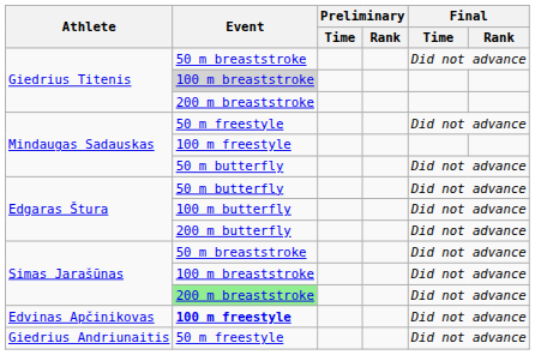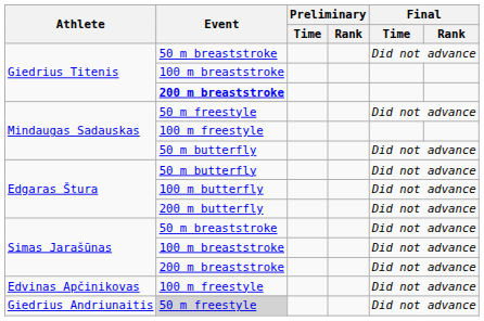 <table class=wikitable style="font-size:90%">
 <tr>
 <th rowspan="2">Athlete</th>
 <th rowspan="2">Event</th>
 <th colspan="2">Preliminary</th>
 <th colspan="2">Final</th>
 </tr>
 <tr>
 <th>Time</th>
 <th>Rank</th>
 <th>Time</th>
 <th>Rank</th>
 </tr>
 <tr>
 <td rowspan="3"><a href='#'>Giedrius Titenis</a></td>
 <td><a href='#'>50 m breaststroke</a></td>
 <td></td>
 <td></td>
 <td colspan="2"><em>Did not advance</em></td>
 </tr>
 <tr>
-<td style="background: lightgrey;"><a href='#'>100 m breaststroke</a></td>
+<td><a href='#'>100 m breaststroke</a></td>
 <td></td>
 <td></td>
 <td></td>
 <td></td>
 </tr>
 <tr>
-<td><a href='#'>200 m breaststroke</a></td>
+<td><strong><a href='#'>200 m breaststroke</a></strong></td>
 <td></td>
 <td></td>
 <td></td>
 <td></td>
 </tr>
 <tr>
 <td rowspan="3"><a href='#'>Mindaugas Sadauskas</a></td>
 <td><a href='#'>50 m freestyle</a></td>
 <td></td>
 <td></td>
 <td colspan="2"><em>Did not advance</em></td>
 </tr>
 <tr>
 <td><a href='#'>100 m freestyle</a></td>
 <td></td>
 <td></td>
 <td></td>
 <td></td>
 </tr>
 <tr>
 <td><a href='#'>50 m butterfly</a></td>
 <td></td>
 <td></td>
 <td colspan="2"><em>Did not advance</em></td>
 </tr>
 <tr>
 <td rowspan="3"><a href='#'>Edgaras Štura</a></td>
 <td><a href='#'>50 m butterfly</a></td>
 <td></td>
 <td></td>
 <td colspan="2"><em>Did not advance</em></td>
 </tr>
 <tr>
 <td><a href='#'>100 m butterfly</a></td>
 <td></td>
 <td></td>
 <td colspan="2"><em>Did not advance</em></td>
 </tr>
 <tr>
 <td><a href='#'>200 m butterfly</a></td>
 <td></td>
 <td></td>
 <td colspan="2"><em>Did not advance</em></td>
 </tr>
 <tr>
 <td rowspan="3"><a href='#'>Simas Jarašūnas</a></td>
 <td><a href='#'>50 m breaststroke</a></td>
 <td></td>
 <td></td>
 <td colspan="2"><em>Did not advance</em></td>
 </tr>
 <tr>
 <td><a href='#'>100 m breaststroke</a></td>
 <td></td>
 <td></td>
 <td colspan="2"><em>Did not advance</em></td>
 </tr>
 <tr>
-<td style="background: lightgreen;"><a href='#'>200 m breaststroke</a></td>
+<td><a href='#'>200 m breaststroke</a></td>
 <td></td>
 <td></td>
 <td colspan="2"><em>Did not advance</em></td>
 </tr>
 <tr>
 <td><a href='#'>Edvinas Apčinikovas</a></td>
-<td><strong><a href='#'>100 m freestyle</a></strong></td>
+<td><a href='#'>100 m freestyle</a></td>
 <td></td>
 <td></td>
 <td colspan="2"><em>Did not advance</em></td>
 </tr>
 <tr>
 <td><a href='#'>Giedrius Andriunaitis</a></td>
-<td><a href='#'>50 m freestyle</a></td>
+<td style="background: lightgrey;"><a href='#'>50 m freestyle</a></td>
 <td></td>
 <td></td>
 <td colspan="2"><em>Did not advance</em></td>
 </tr>
 </table>
